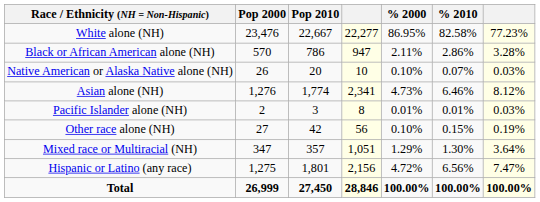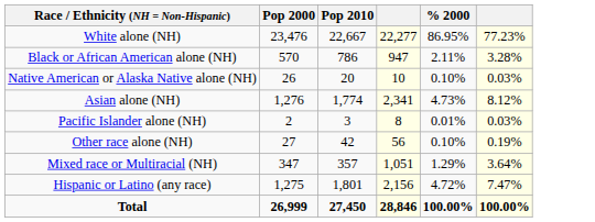 <table class="wikitable" style="text-align:center;">
 <tr>
 <th>Race / Ethnicity <small>(<em>NH = Non-Hispanic</em>)</small></th>
 <th>Pop 2000</th>
 <th>Pop 2010</th>
 <th></th>
 <th>% 2000</th>
-<th>% 2010</th>
 <th></th>
 </tr>
 <tr>
 <td><a href='#'>White</a> alone (NH)</td>
 <td>23,476</td>
 <td>22,667</td>
 <td style='background: #ffffe6;'>22,277</td>
 <td>86.95%</td>
-<td>82.58%</td>
 <td style='background: #ffffe6;'>77.23%</td>
 </tr>
 <tr>
 <td><a href='#'>Black or African American</a> alone (NH)</td>
 <td>570</td>
 <td>786</td>
 <td style='background: #ffffe6;'>947</td>
 <td>2.11%</td>
-<td>2.86%</td>
 <td style='background: #ffffe6;'>3.28%</td>
 </tr>
 <tr>
 <td><a href='#'>Native American</a> or <a href='#'>Alaska Native</a> alone (NH)</td>
 <td>26</td>
 <td>20</td>
 <td style='background: #ffffe6;'>10</td>
 <td>0.10%</td>
-<td>0.07%</td>
 <td style='background: #ffffe6;'>0.03%</td>
 </tr>
 <tr>
 <td><a href='#'>Asian</a> alone (NH)</td>
 <td>1,276</td>
 <td>1,774</td>
 <td style='background: #ffffe6;'>2,341</td>
 <td>4.73%</td>
-<td>6.46%</td>
 <td style='background: #ffffe6;'>8.12%</td>
 </tr>
 <tr>
 <td><a href='#'>Pacific Islander</a> alone (NH)</td>
 <td>2</td>
 <td>3</td>
 <td style='background: #ffffe6;'>8</td>
-<td>0.01%</td>
 <td>0.01%</td>
 <td style='background: #ffffe6;'>0.03%</td>
 </tr>
 <tr>
 <td><a href='#'>Other race</a> alone (NH)</td>
 <td>27</td>
 <td>42</td>
 <td style='background: #ffffe6;'>56</td>
 <td>0.10%</td>
-<td>0.15%</td>
 <td style='background: #ffffe6;'>0.19%</td>
 </tr>
 <tr>
 <td><a href='#'>Mixed race or Multiracial</a> (NH)</td>
 <td>347</td>
 <td>357</td>
 <td style='background: #ffffe6;'>1,051</td>
 <td>1.29%</td>
-<td>1.30%</td>
 <td style='background: #ffffe6;'>3.64%</td>
 </tr>
 <tr>
 <td><a href='#'>Hispanic or Latino</a> (any race)</td>
 <td>1,275</td>
 <td>1,801</td>
 <td style='background: #ffffe6;'>2,156</td>
 <td>4.72%</td>
-<td>6.56%</td>
 <td style='background: #ffffe6;'>7.47%</td>
 </tr>
 <tr>
 <td><strong>Total</strong></td>
 <td><strong>26,999</strong></td>
 <td><strong>27,450</strong></td>
 <td style='background: #ffffe6;'><strong>28,846</strong></td>
 <td><strong>100.00%</strong></td>
-<td><strong>100.00%</strong></td>
 <td style='background: #ffffe6;'><strong>100.00%</strong></td>
 </tr>
 </table>
